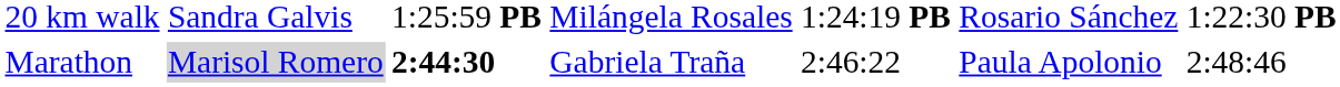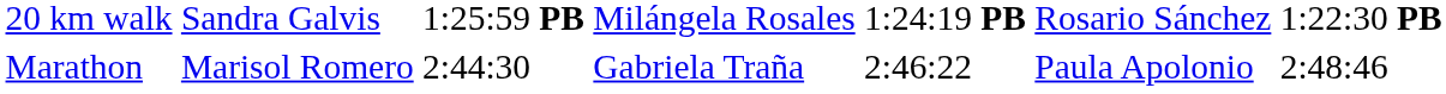 <table>
 <tr>
 <td><a href='#'>20 km walk</a></td>
 <td><a href='#'>Sandra Galvis</a><br></td>
 <td>1:25:59 <strong>PB</strong></td>
 <td><a href='#'>Milángela Rosales</a><br></td>
 <td>1:24:19 <strong>PB</strong></td>
 <td><a href='#'>Rosario Sánchez</a><br></td>
 <td>1:22:30 <strong>PB</strong></td>
 </tr>
 <tr>
 <td><a href='#'>Marathon</a></td>
-<td style="background: lightgrey;"><a href='#'>Marisol Romero</a><br></td>
-<td><strong>2:44:30</strong></td>
+<td><a href='#'>Marisol Romero</a><br></td>
+<td>2:44:30</td>
 <td><a href='#'>Gabriela Traña</a><br></td>
 <td>2:46:22</td>
 <td><a href='#'>Paula Apolonio</a><br></td>
 <td>2:48:46</td>
 </tr>
 <tr>
 </tr>
 </table>
